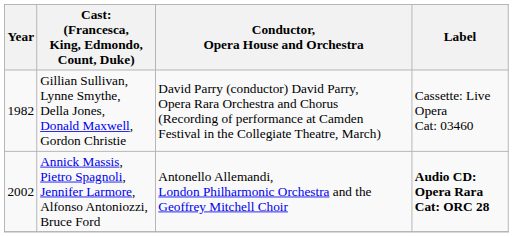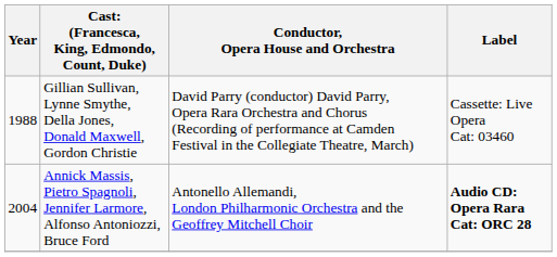 <table class="wikitable">
 <tr>
 <th>Year</th>
 <th width="135">Cast:<br>(Francesca,<br>King, Edmondo,<br>Count, Duke)</th>
 <th>Conductor,<br>Opera House and Orchestra</th>
 <th>Label</th>
 </tr>
 <tr>
-<td>1982</td>
+<td>1988</td>
 <td>Gillian Sullivan,<br>Lynne Smythe,<br>Della Jones,<br><a href='#'>Donald Maxwell</a>,<br>Gordon Christie</td>
 <td>David Parry (conductor) David Parry,<br>Opera Rara Orchestra and Chorus<br>(Recording of performance at Camden Festival in the Collegiate Theatre, March)</td>
 <td>Cassette: Live Opera<br>Cat: 03460</td>
 </tr>
 <tr>
-<td>2002</td>
+<td>2004</td>
 <td><a href='#'>Annick Massis</a>,<br><a href='#'>Pietro Spagnoli</a>,<br><a href='#'>Jennifer Larmore</a>,<br>Alfonso Antoniozzi,<br>Bruce Ford</td>
 <td>Antonello Allemandi,<br><a href='#'>London Philharmonic Orchestra</a> and the <a href='#'>Geoffrey Mitchell Choir</a></td>
 <td><strong>Audio CD: Opera Rara<br>Cat: ORC 28</strong></td>
 </tr>
 <tr>
 </tr>
 </table>
